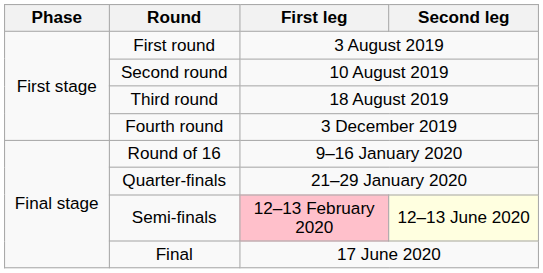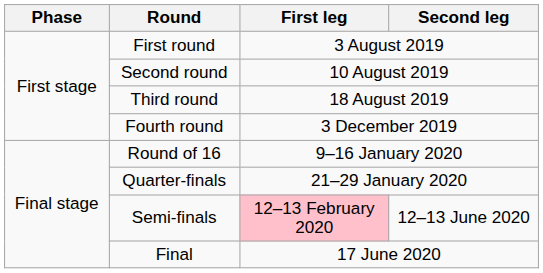 <table class="wikitable" border="1" width="500px">
 <tr>
 <th>Phase</th>
 <th>Round</th>
 <th width=28%>First leg</th>
 <th width=28%>Second leg</th>
 </tr>
 <tr>
 <td rowspan=4 align=center>First stage</td>
 <td align="center">First round</td>
 <td colspan=2 align=center>3 August 2019</td>
 </tr>
 <tr>
 <td align=center>Second round</td>
 <td colspan=2 align=center>10 August 2019</td>
 </tr>
 <tr>
 <td align=center>Third round</td>
 <td colspan=2 align=center>18 August 2019</td>
 </tr>
 <tr>
 <td align="center">Fourth round</td>
 <td colspan=2 align=center>3 December 2019</td>
 </tr>
 <tr>
 <td rowspan=4 align=center>Final stage</td>
 <td align=center>Round of 16</td>
 <td colspan=2 align=center>9–16 January 2020</td>
 </tr>
 <tr>
 <td align=center>Quarter-finals</td>
 <td colspan=2 align=center>21–29 January 2020</td>
 </tr>
 <tr>
 <td align=center>Semi-finals</td>
 <td align=center style="background: pink;">12–13 February 2020</td>
-<td align=center style="background: lightyellow;">12–13 June 2020</td>
+<td align=center>12–13 June 2020</td>
 </tr>
 <tr>
 <td align=center>Final</td>
 <td colspan=2 align=center>17 June 2020</td>
 </tr>
 </table>
